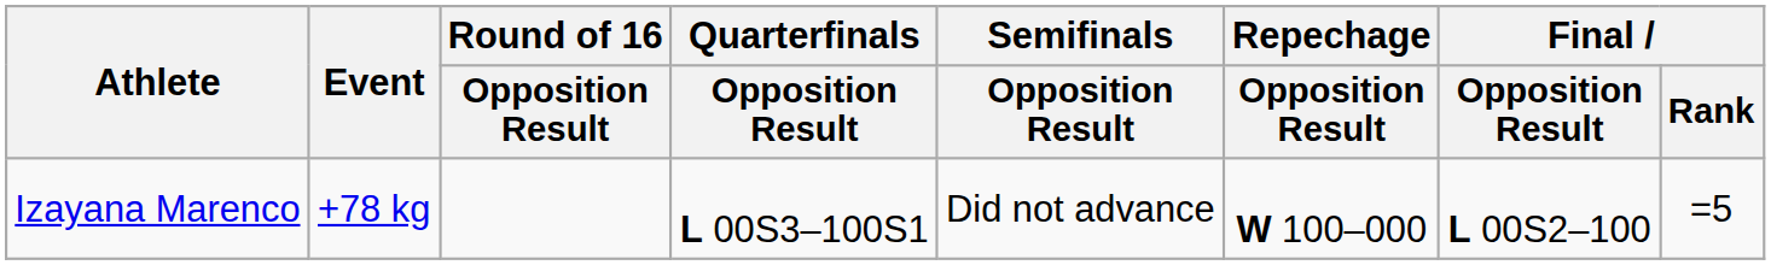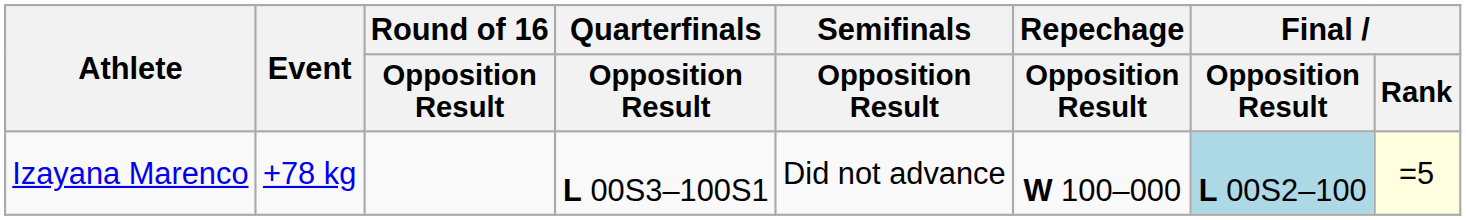 <table class="wikitable" style="font-size:90%">
 <tr>
 <th rowspan=2>Athlete</th>
 <th rowspan=2>Event</th>
 <th>Round of 16</th>
 <th>Quarterfinals</th>
 <th>Semifinals</th>
 <th>Repechage</th>
 <th colspan=2>Final / </th>
 </tr>
 <tr style="font-size:95%">
 <th>Opposition<br>Result</th>
 <th>Opposition<br>Result</th>
 <th>Opposition<br>Result</th>
 <th>Opposition<br>Result</th>
 <th>Opposition<br>Result</th>
 <th>Rank</th>
 </tr>
 <tr align=center>
 <td align=left><a href='#'>Izayana Marenco</a></td>
 <td align=left><a href='#'>+78 kg</a></td>
 <td></td>
 <td><br><strong>L</strong> 00S3–100S1</td>
 <td>Did not advance</td>
 <td><br><strong>W</strong> 100–000</td>
-<td><br><strong>L</strong> 00S2–100</td>
-<td>=5</td>
+<td style="background: lightblue;"><br><strong>L</strong> 00S2–100</td>
+<td style="background: lightyellow;">=5</td>
 </tr>
 </table>
